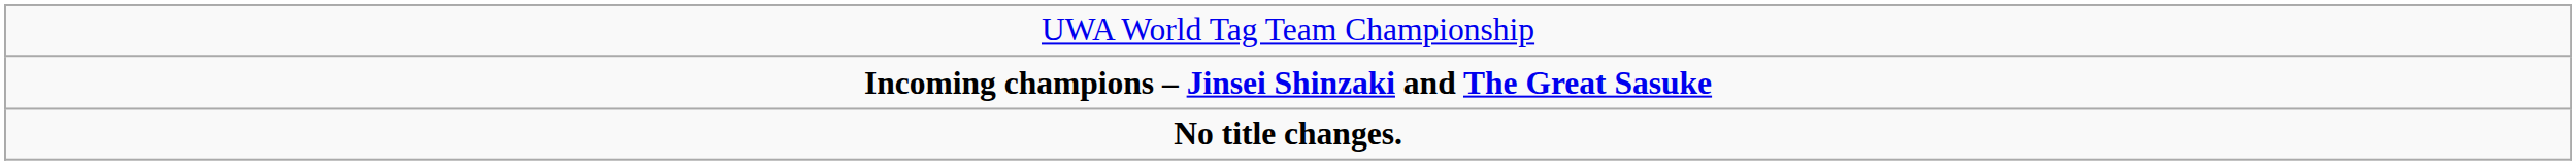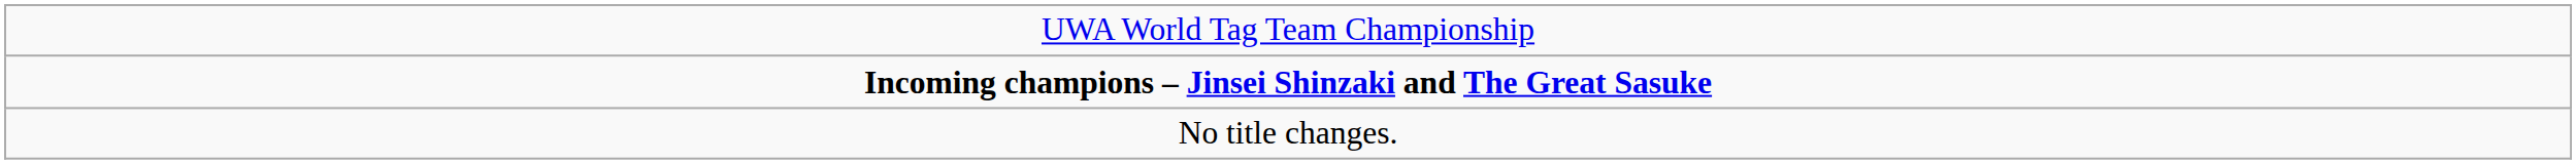 <table class="wikitable" style="text-align:center; width:100%;">
 <tr>
 <td style="text-align: center;"><a href='#'>UWA World Tag Team Championship</a></td>
 </tr>
 <tr>
 <td style="text-align: center;"><strong>Incoming champions – <a href='#'>Jinsei Shinzaki</a> and <a href='#'>The Great Sasuke</a></strong></td>
 </tr>
 <tr>
-<td><strong>No title changes.</strong></td>
+<td>No title changes.</td>
 </tr>
 </table>
